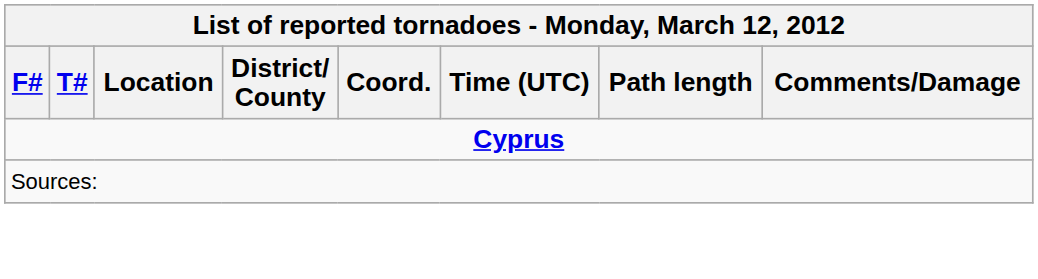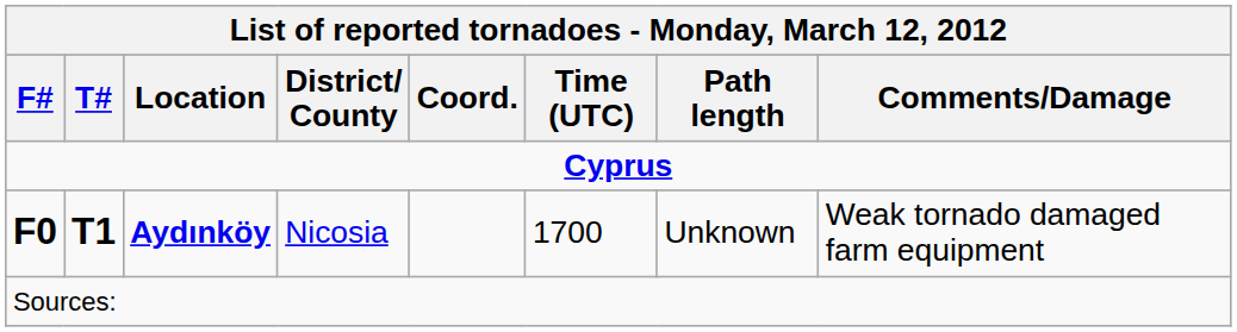 <table class="wikitable collapsible" width="100%">
 <tr>
 <th colspan="8">List of reported tornadoes - Monday, March 12, 2012</th>
 </tr>
 <tr>
 <th><a href='#'>F#</a></th>
 <th><a href='#'>T#</a></th>
 <th>Location</th>
 <th>District/<br>County</th>
 <th>Coord.</th>
 <th>Time (UTC)</th>
 <th>Path length</th>
 <th>Comments/Damage</th>
 </tr>
 <tr>
 <td colspan="8" align=center><strong><a href='#'>Cyprus</a></strong></td>
 </tr>
 <tr>
+<td><big><strong>F0</strong></big></td>
+<td><big><strong>T1</strong></big></td>
+<td><strong><a href='#'>Aydınköy</a></strong></td>
+<td><a href='#'>Nicosia</a></td>
+<td></td>
+<td>1700</td>
+<td>Unknown</td>
+<td>Weak tornado damaged farm equipment</td>
+</tr>
+<tr>
 <td colspan="8"><small>Sources:  </small></td>
 </tr>
 </table>
